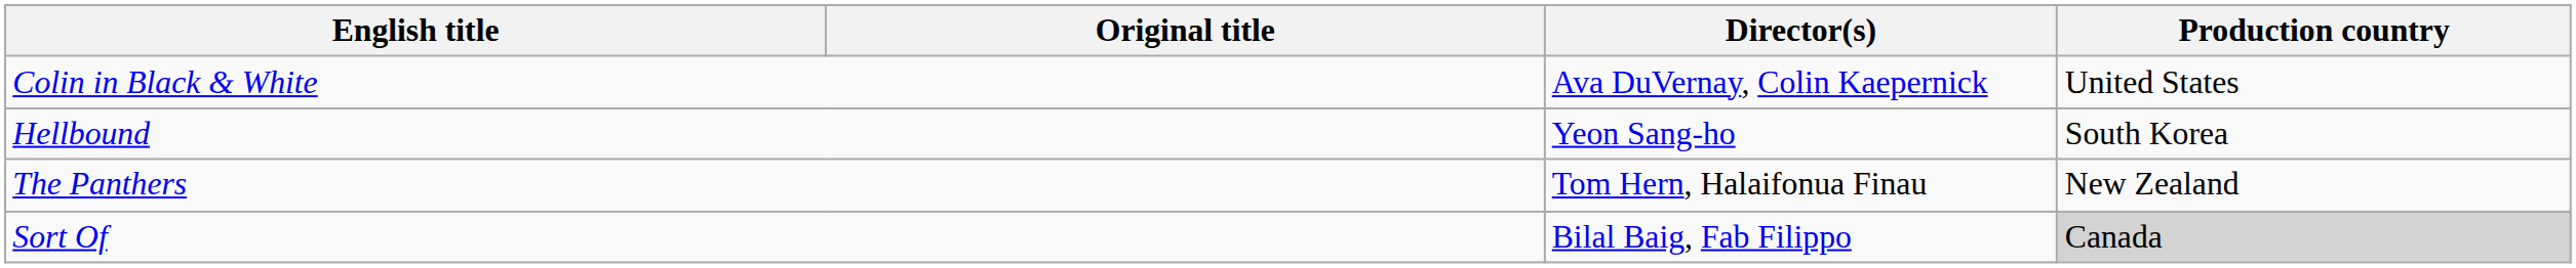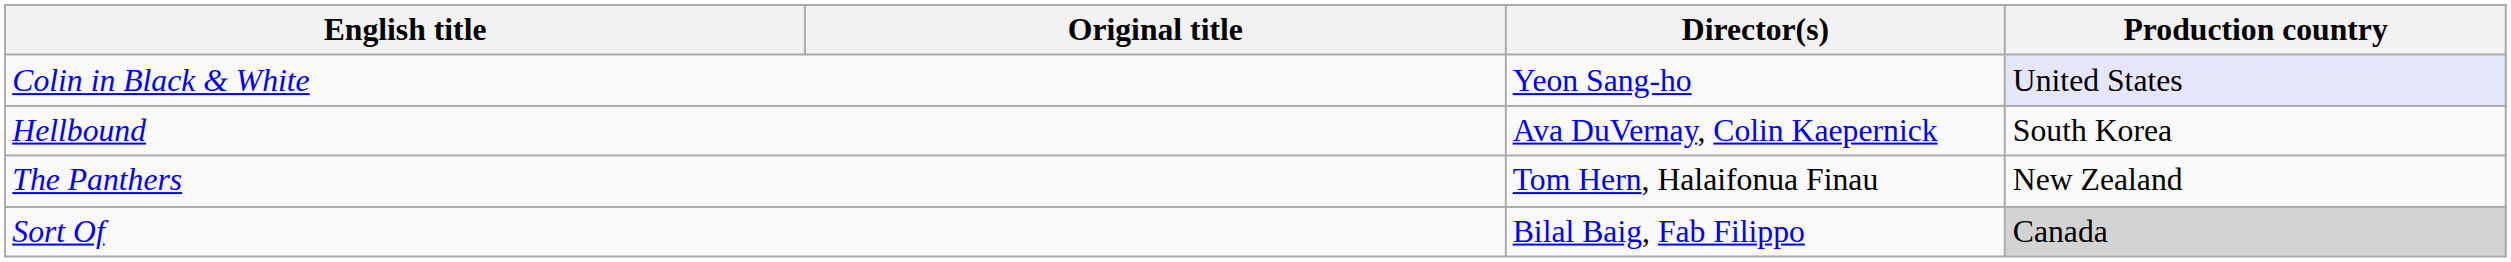 <table class="sortable wikitable" width="100%" cellpadding="5">
 <tr>
 <th scope="col" width="32%">English title</th>
 <th scope="col" width="28%">Original title</th>
 <th scope="col" width="20%">Director(s)</th>
 <th scope="col" width="20%">Production country</th>
 </tr>
 <tr>
 <td colspan=2><em><a href='#'>Colin in Black & White</a></em></td>
-<td><a href='#'>Ava DuVernay</a>, <a href='#'>Colin Kaepernick</a></td>
-<td>United States</td>
+<td><a href='#'>Yeon Sang-ho</a></td>
+<td style="background: lavender;">United States</td>
 </tr>
 <tr>
 <td colspan=2><em><a href='#'>Hellbound</a></em></td>
-<td><a href='#'>Yeon Sang-ho</a></td>
+<td><a href='#'>Ava DuVernay</a>, <a href='#'>Colin Kaepernick</a></td>
 <td>South Korea</td>
 </tr>
 <tr>
 <td colspan=2><em><a href='#'>The Panthers</a></em></td>
 <td><a href='#'>Tom Hern</a>, Halaifonua Finau</td>
 <td>New Zealand</td>
 </tr>
 <tr>
 <td colspan=2><em><a href='#'>Sort Of</a></em></td>
 <td><a href='#'>Bilal Baig</a>, <a href='#'>Fab Filippo</a></td>
 <td style="background: lightgrey;">Canada</td>
 </tr>
 </table>
